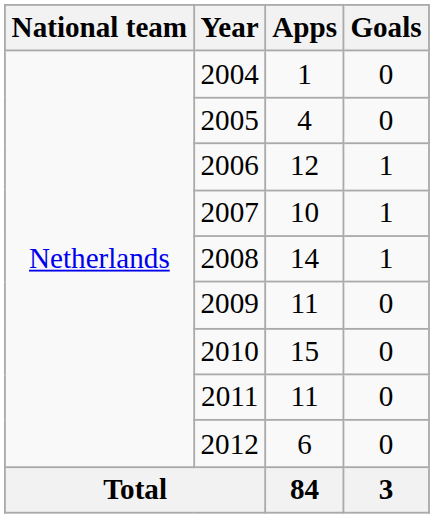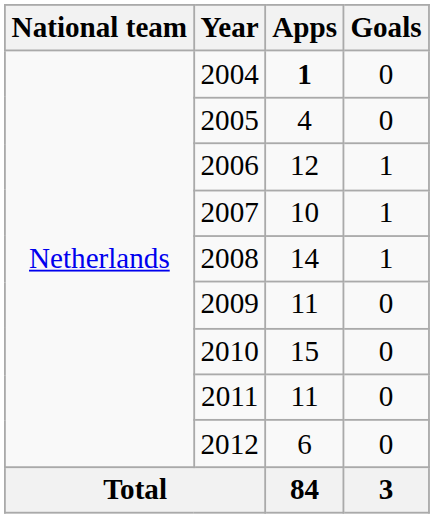 <table class="wikitable" style="text-align:center">
 <tr>
 <th>National team</th>
 <th>Year</th>
 <th>Apps</th>
 <th>Goals</th>
 </tr>
 <tr>
 <td rowspan="9"><a href='#'>Netherlands</a></td>
 <td>2004</td>
-<td>1</td>
+<td><strong>1</strong></td>
 <td>0</td>
 </tr>
 <tr>
 <td>2005</td>
 <td>4</td>
 <td>0</td>
 </tr>
 <tr>
 <td>2006</td>
 <td>12</td>
 <td>1</td>
 </tr>
 <tr>
 <td>2007</td>
 <td>10</td>
 <td>1</td>
 </tr>
 <tr>
 <td>2008</td>
 <td>14</td>
 <td>1</td>
 </tr>
 <tr>
 <td>2009</td>
 <td>11</td>
 <td>0</td>
 </tr>
 <tr>
 <td>2010</td>
 <td>15</td>
 <td>0</td>
 </tr>
 <tr>
 <td>2011</td>
 <td>11</td>
 <td>0</td>
 </tr>
 <tr>
 <td>2012</td>
 <td>6</td>
 <td>0</td>
 </tr>
 <tr>
 <th colspan="2">Total</th>
 <th>84</th>
 <th>3</th>
 </tr>
 </table>
